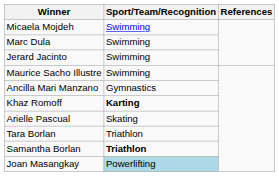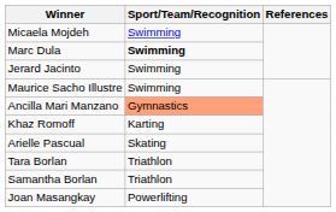 <table class="wikitable">
 <tr>
 <th>Winner</th>
 <th>Sport/Team/Recognition</th>
 <th>References</th>
 </tr>
 <tr>
 <td>Micaela Mojdeh</td>
 <td><a href='#'>Swimming</a></td>
 <td rowspan=3></td>
 </tr>
 <tr>
 <td>Marc Dula</td>
-<td>Swimming</td>
+<td><strong>Swimming</strong></td>
 </tr>
 <tr>
 <td>Jerard Jacinto</td>
 <td>Swimming</td>
 </tr>
 <tr>
 <td>Maurice Sacho Illustre</td>
 <td>Swimming</td>
 <td rowspan=7></td>
 </tr>
 <tr>
 <td>Ancilla Mari Manzano</td>
-<td>Gymnastics</td>
+<td style="background: lightsalmon;">Gymnastics</td>
 </tr>
 <tr>
 <td>Khaz Romoff</td>
-<td><strong>Karting</strong></td>
+<td>Karting</td>
 </tr>
 <tr>
 <td>Arielle Pascual</td>
 <td>Skating</td>
 </tr>
 <tr>
 <td>Tara Borlan</td>
 <td>Triathlon</td>
 </tr>
 <tr>
 <td>Samantha Borlan</td>
-<td><strong>Triathlon</strong></td>
+<td>Triathlon</td>
 </tr>
 <tr>
 <td>Joan Masangkay</td>
-<td style="background: lightblue;">Powerlifting</td>
+<td>Powerlifting</td>
 </tr>
 </table>
